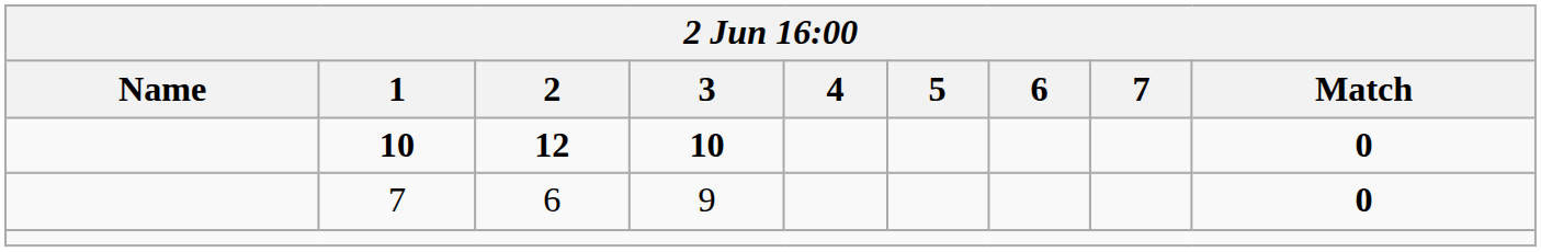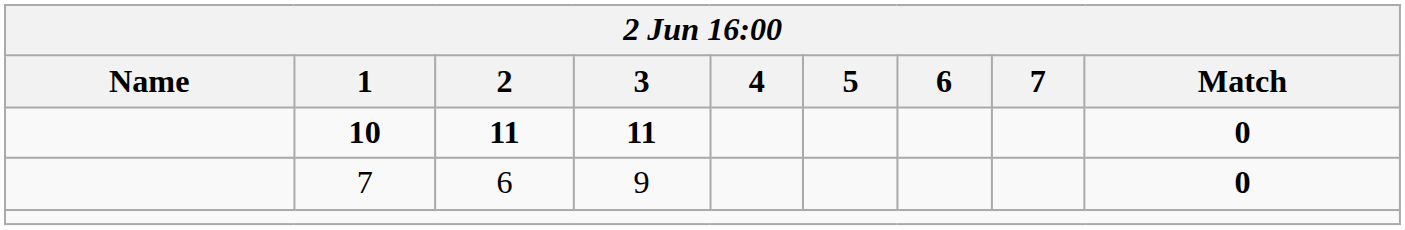 <table class=wikitable style="text-align:center; width: 55%">
 <tr>
 <th colspan=17><em> 2 Jun 16:00</em></th>
 </tr>
 <tr>
 <th>Name</th>
 <th>1</th>
 <th>2</th>
 <th>3</th>
 <th>4</th>
 <th>5</th>
 <th>6</th>
 <th>7</th>
 <th>Match</th>
 </tr>
 <tr>
 <td style="text-align:left;"><strong></strong></td>
 <td><strong>10</strong></td>
-<td><strong>12</strong></td>
-<td><strong>10</strong></td>
+<td><strong>11</strong></td>
+<td><strong>11</strong></td>
 <td></td>
 <td></td>
 <td></td>
 <td></td>
 <td><strong>0</strong></td>
 </tr>
 <tr>
 <td style="text-align:left;"></td>
 <td>7</td>
 <td>6</td>
 <td>9</td>
 <td></td>
 <td></td>
 <td></td>
 <td></td>
 <td><strong>0</strong></td>
 </tr>
 <tr>
 <td colspan=17></td>
 </tr>
 </table>
